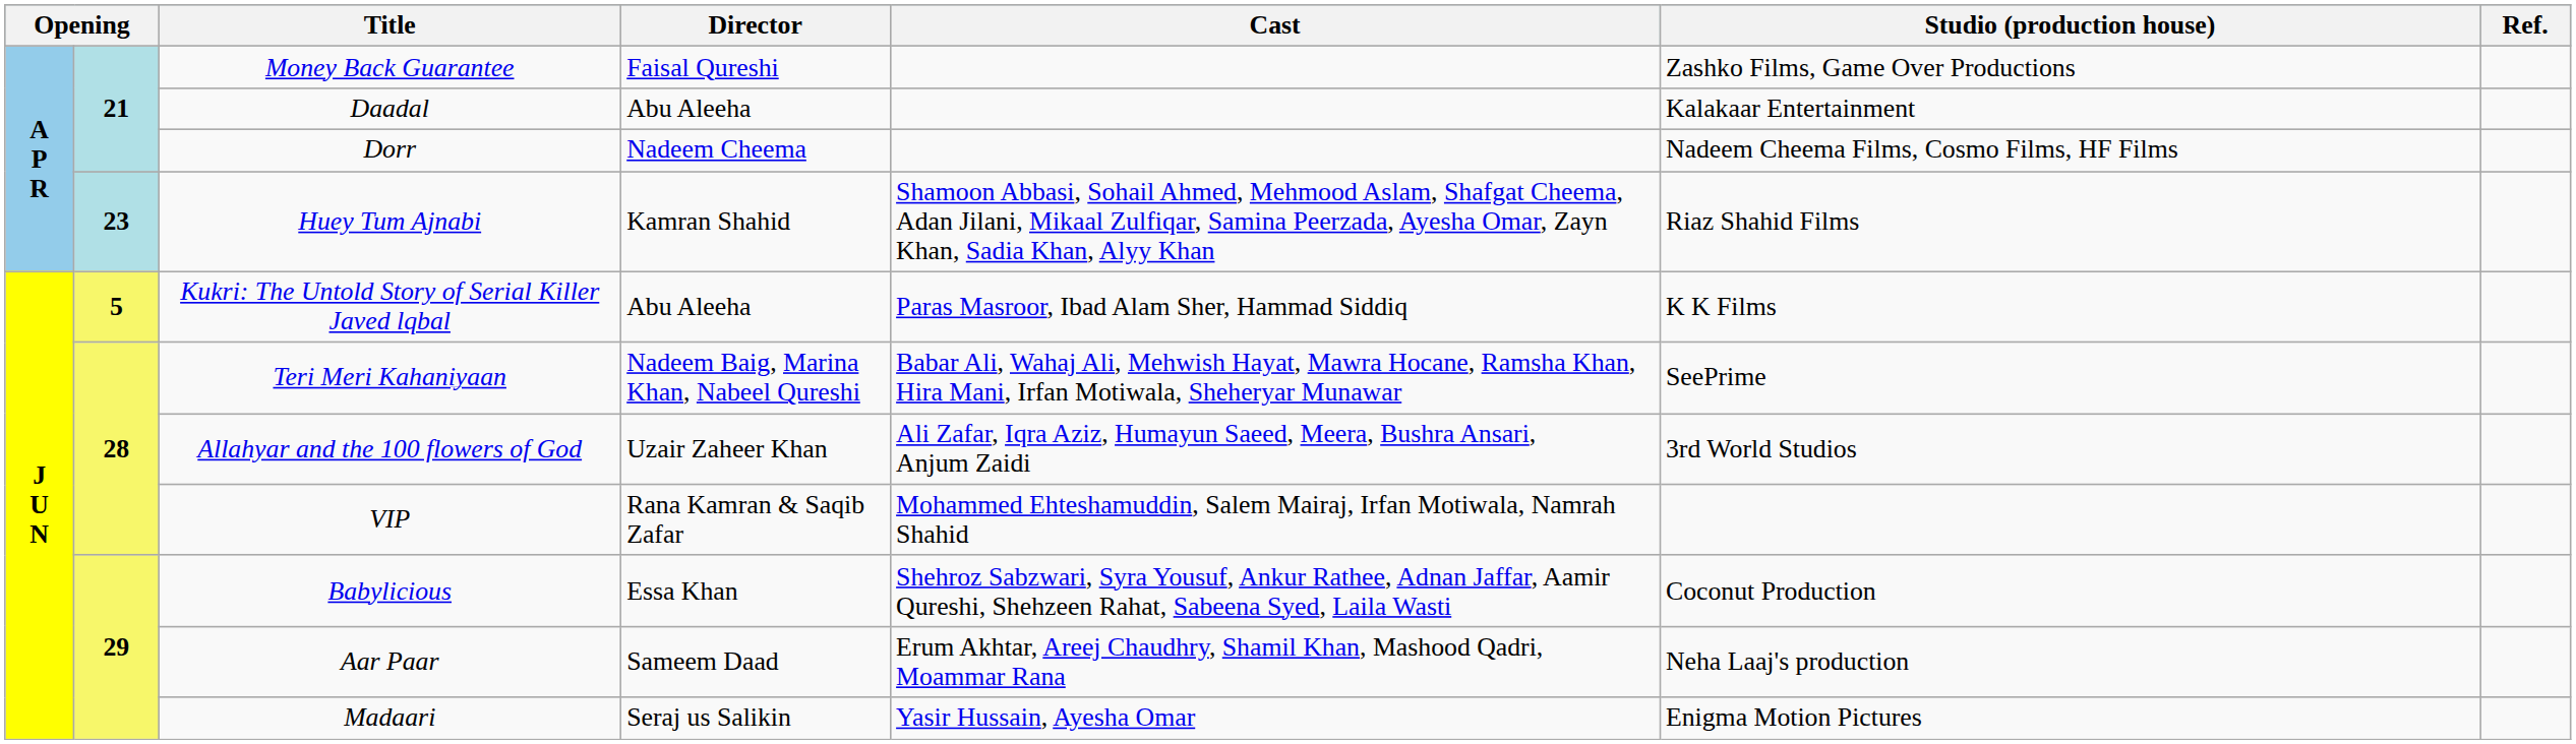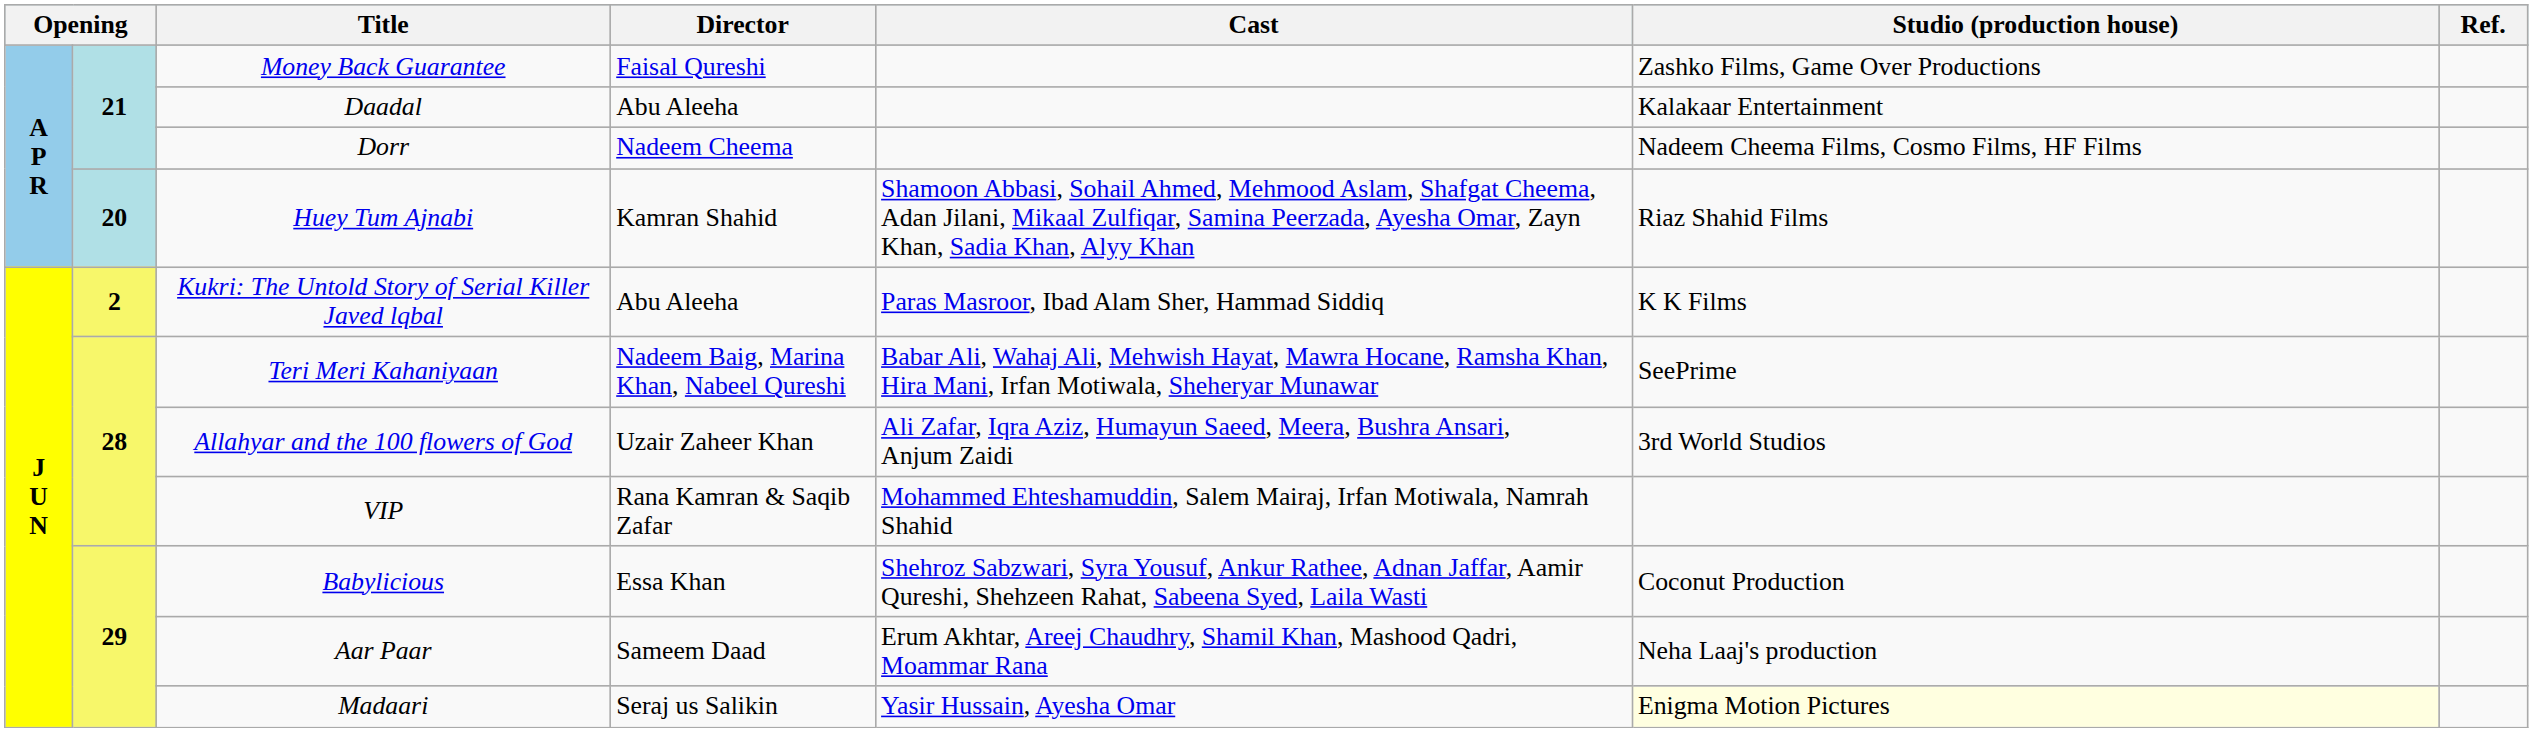 <table class="wikitable">
 <tr style="background:#b0e0e6; text-align:center;">
 <th colspan="2" style="width:6%;"><strong>Opening</strong></th>
 <th style="width:18%;"><strong>Title</strong></th>
 <th style="width:10.5%;"><strong>Director</strong></th>
 <th style="width:30%;"><strong>Cast</strong></th>
 <th>Studio (production house)</th>
 <th>Ref.</th>
 </tr>
 <tr April>
 <td rowspan="4" style="text-align:center; background:#93CCEA; textcolor:#000;"><strong>A<br>P<br>R</strong></td>
 <td rowspan="3" style="text-align:center;background:#B0E0E6;"><strong>21</strong></td>
 <td style="text-align:center;"><em><a href='#'>Money Back Guarantee</a></em></td>
 <td><a href='#'>Faisal Qureshi</a></td>
 <td></td>
 <td>Zashko Films, Game Over Productions</td>
 <td></td>
 </tr>
 <tr>
 <td style="text-align:center;"><em>Daadal</em></td>
 <td>Abu Aleeha</td>
 <td></td>
 <td>Kalakaar Entertainment</td>
 <td></td>
 </tr>
 <tr>
 <td style="text-align:center;"><em>Dorr</em></td>
 <td><a href='#'>Nadeem Cheema</a></td>
 <td></td>
 <td>Nadeem Cheema Films, Cosmo Films, HF Films</td>
 <td></td>
 </tr>
 <tr>
-<td rowspan="1" style="text-align:center;background:#B0E0E6;"><strong>23</strong></td>
+<td rowspan="1" style="text-align:center;background:#B0E0E6;"><strong>20</strong></td>
 <td style="text-align:center;"><em><a href='#'>Huey Tum Ajnabi</a></em></td>
 <td>Kamran Shahid</td>
 <td><a href='#'>Shamoon Abbasi</a>,  <a href='#'>Sohail Ahmed</a>,  <a href='#'>Mehmood Aslam</a>,  <a href='#'>Shafgat Cheema</a>,  Adan Jilani, <a href='#'>Mikaal Zulfiqar</a>, <a href='#'>Samina Peerzada</a>, <a href='#'>Ayesha Omar</a>, Zayn Khan, <a href='#'>Sadia Khan</a>, <a href='#'>Alyy Khan</a></td>
 <td>Riaz Shahid Films</td>
 <td></td>
 </tr>
 <tr June>
 <td rowspan="7" style="text-align:center; background:yellow; textcolor:#000;"><strong>J <br>U <br> N</strong></td>
-<td rowspan="1" style="text-align:center;background:#f7f76a"><strong>5</strong></td>
+<td rowspan="1" style="text-align:center;background:#f7f76a"><strong>2</strong></td>
 <td style="text-align:center;"><a href='#'><em>Kukri: The Untold Story of Serial Killer Javed lqbal</em></a></td>
 <td>Abu Aleeha</td>
 <td><a href='#'>Paras Masroor</a>, Ibad Alam Sher, Hammad Siddiq</td>
 <td>K K Films</td>
 <td></td>
 </tr>
 <tr>
 <td rowspan="3" style="text-align:center;background:#f7f76a"><strong>28</strong></td>
 <td style="text-align:center;"><em><a href='#'>Teri Meri Kahaniyaan</a></em></td>
 <td><a href='#'>Nadeem Baig</a>, <a href='#'>Marina Khan</a>, <a href='#'>Nabeel Qureshi</a></td>
 <td><a href='#'>Babar Ali</a>, <a href='#'>Wahaj Ali</a>, <a href='#'>Mehwish Hayat</a>, <a href='#'>Mawra Hocane</a>, <a href='#'>Ramsha Khan</a>, <a href='#'>Hira Mani</a>, Irfan Motiwala, <a href='#'>Sheheryar Munawar</a></td>
 <td>SeePrime</td>
 <td></td>
 </tr>
 <tr>
 <td style="text-align:center;"><a href='#'><em>Allahyar and the 100 flowers of God</em></a></td>
 <td>Uzair Zaheer Khan</td>
 <td><a href='#'>Ali Zafar</a>, <a href='#'>Iqra Aziz</a>, <a href='#'>Humayun Saeed</a>, <a href='#'>Meera</a>, <a href='#'>Bushra Ansari</a>,<br>Anjum Zaidi</td>
 <td>3rd World Studios</td>
 <td></td>
 </tr>
 <tr>
 <td style="text-align:center;"><em>VIP</em></td>
 <td>Rana Kamran & Saqib Zafar</td>
 <td><a href='#'>Mohammed  Ehteshamuddin</a>,  Salem Mairaj,  Irfan Motiwala,  Namrah Shahid</td>
 <td></td>
 <td></td>
 </tr>
 <tr>
 <td rowspan="3" style="text-align:center;background:#f7f76a"><strong>29</strong></td>
 <td style="text-align:center;"><em><a href='#'>Babylicious</a></em></td>
 <td>Essa Khan</td>
 <td><a href='#'>Shehroz Sabzwari</a>, <a href='#'>Syra Yousuf</a>, <a href='#'>Ankur Rathee</a>, <a href='#'>Adnan Jaffar</a>, Aamir Qureshi, Shehzeen Rahat, <a href='#'>Sabeena Syed</a>, <a href='#'>Laila Wasti</a></td>
 <td>Coconut Production</td>
 <td></td>
 </tr>
 <tr>
 <td style="text-align:center;"><em>Aar Paar</em></td>
 <td>Sameem Daad</td>
 <td>Erum Akhtar,  <a href='#'>Areej Chaudhry</a>,  <a href='#'>Shamil Khan</a>,  Mashood Qadri, <a href='#'>Moammar Rana</a></td>
 <td>Neha Laaj's production</td>
 <td></td>
 </tr>
 <tr>
 <td style="text-align:center;"><em>Madaari</em></td>
 <td>Seraj us Salikin</td>
 <td><a href='#'>Yasir Hussain</a>, <a href='#'>Ayesha Omar</a></td>
-<td>Enigma Motion Pictures</td>
+<td style="background: lightyellow;">Enigma Motion Pictures</td>
 <td></td>
 </tr>
 </table>
